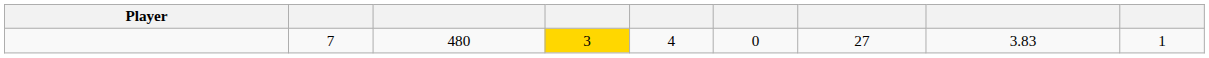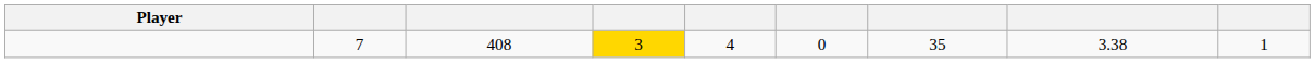 <table class="wikitable sortable" style="width:100%;">
 <tr style="text-align:center; background:#ddd;">
 <th>Player</th>
 <th></th>
 <th></th>
 <th></th>
 <th></th>
 <th></th>
 <th></th>
 <th></th>
 <th></th>
 </tr>
 <tr align=center>
 <td></td>
 <td>7</td>
-<td>480</td>
+<td>408</td>
 <td style="background: gold;">3</td>
 <td>4</td>
 <td>0</td>
-<td>27</td>
-<td>3.83</td>
+<td>35</td>
+<td>3.38</td>
 <td>1</td>
 </tr>
 </table>
